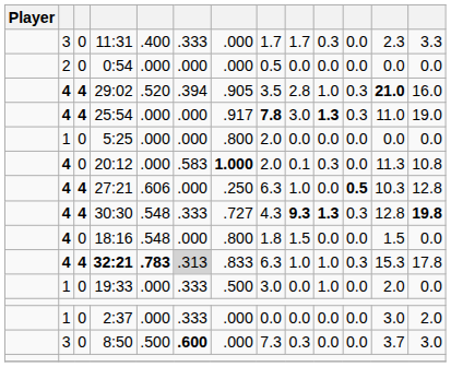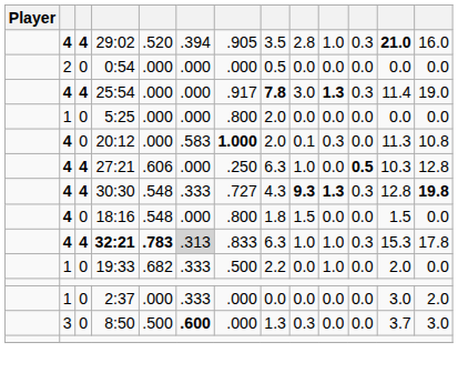 <table class="wikitable sortable" style="font-size:95%; text-align:right;">
 <tr>
 <th>Player</th>
 <th></th>
 <th></th>
 <th></th>
 <th></th>
 <th></th>
 <th></th>
 <th></th>
 <th></th>
 <th></th>
 <th></th>
 <th></th>
 <th></th>
 </tr>
 <tr>
 <td><strong></strong></td>
-<td>3</td>
-<td>0</td>
-<td>11:31</td>
-<td>.400</td>
-<td>.333</td>
-<td>.000</td>
-<td>1.7</td>
-<td>1.7</td>
+<td><strong>4</strong></td>
+<td><strong>4</strong></td>
+<td>29:02</td>
+<td>.520</td>
+<td>.394</td>
+<td>.905</td>
+<td>3.5</td>
+<td>2.8</td>
+<td>1.0</td>
 <td>0.3</td>
-<td>0.0</td>
-<td>2.3</td>
-<td>3.3</td>
+<td><strong> 21.0</strong></td>
+<td>16.0</td>
 </tr>
 <tr>
 <td><strong></strong></td>
 <td>2</td>
 <td>0</td>
 <td>0:54</td>
 <td>.000</td>
 <td>.000</td>
 <td>.000</td>
 <td>0.5</td>
 <td>0.0</td>
 <td>0.0</td>
 <td>0.0</td>
 <td>0.0</td>
 <td>0.0</td>
 </tr>
 <tr>
 <td><strong></strong></td>
 <td><strong>4</strong></td>
 <td><strong>4</strong></td>
-<td>29:02</td>
-<td>.520</td>
-<td>.394</td>
-<td>.905</td>
-<td>3.5</td>
-<td>2.8</td>
-<td>1.0</td>
-<td>0.3</td>
-<td><strong> 21.0</strong></td>
-<td>16.0</td>
-</tr>
-<tr>
-<td><strong></strong></td>
-<td><strong>4</strong></td>
-<td><strong>4</strong></td>
 <td>25:54</td>
 <td>.000</td>
 <td>.000</td>
 <td>.917</td>
 <td><strong>7.8</strong></td>
 <td>3.0</td>
 <td><strong>1.3</strong></td>
 <td>0.3</td>
-<td>11.0</td>
+<td>11.4</td>
 <td>19.0</td>
 </tr>
 <tr>
 <td><strong></strong></td>
 <td>1</td>
 <td>0</td>
 <td>5:25</td>
 <td>.000</td>
 <td>.000</td>
 <td>.800</td>
 <td>2.0</td>
 <td>0.0</td>
 <td>0.0</td>
 <td>0.0</td>
 <td>0.0</td>
 <td>0.0</td>
 </tr>
 <tr>
 <td><strong></strong></td>
 <td><strong>4</strong></td>
 <td>0</td>
 <td>20:12</td>
 <td>.000</td>
 <td>.583</td>
 <td><strong>1.000</strong></td>
 <td>2.0</td>
 <td>0.1</td>
 <td>0.3</td>
 <td>0.0</td>
 <td>11.3</td>
 <td>10.8</td>
 </tr>
 <tr>
 <td><strong></strong></td>
 <td><strong>4</strong></td>
 <td><strong>4</strong></td>
 <td>27:21</td>
 <td>.606</td>
 <td>.000</td>
 <td>.250</td>
 <td>6.3</td>
 <td>1.0</td>
 <td>0.0</td>
 <td><strong>0.5</strong></td>
 <td>10.3</td>
 <td>12.8</td>
 </tr>
 <tr>
 <td><strong></strong></td>
 <td><strong>4</strong></td>
 <td><strong>4</strong></td>
 <td>30:30</td>
 <td>.548</td>
 <td>.333</td>
 <td>.727</td>
 <td>4.3</td>
 <td><strong>9.3</strong></td>
 <td><strong>1.3</strong></td>
 <td>0.3</td>
 <td>12.8</td>
 <td><strong>19.8</strong></td>
 </tr>
 <tr>
 <td><strong></strong></td>
 <td><strong>4</strong></td>
 <td>0</td>
 <td>18:16</td>
 <td>.548</td>
 <td>.000</td>
 <td>.800</td>
 <td>1.8</td>
 <td>1.5</td>
 <td>0.0</td>
 <td>0.0</td>
 <td>1.5</td>
 <td>0.0</td>
 </tr>
 <tr>
 <td><strong></strong></td>
 <td><strong>4</strong></td>
 <td><strong>4</strong></td>
 <td><strong>32:21</strong></td>
 <td><strong>.783</strong></td>
 <td style="background: lightgrey;">.313</td>
 <td>.833</td>
 <td>6.3</td>
 <td>1.0</td>
 <td>1.0</td>
 <td>0.3</td>
 <td>15.3</td>
 <td>17.8</td>
 </tr>
 <tr>
 <td><strong></strong></td>
 <td>1</td>
 <td>0</td>
 <td>19:33</td>
-<td>.000</td>
+<td>.682</td>
 <td>.333</td>
 <td>.500</td>
-<td>3.0</td>
+<td>2.2</td>
 <td>0.0</td>
 <td>1.0</td>
 <td>0.0</td>
 <td>2.0</td>
 <td>0.0</td>
 </tr>
 <tr>
 <td><strong></strong></td>
 <td colspan=12 data-sort-value="-50"></td>
 </tr>
 <tr>
 <td><strong></strong></td>
 <td>1</td>
 <td>0</td>
 <td>2:37</td>
 <td>.000</td>
 <td>.333</td>
 <td>.000</td>
 <td>0.0</td>
 <td>0.0</td>
 <td>0.0</td>
 <td>0.0</td>
 <td>3.0</td>
 <td>2.0</td>
 </tr>
 <tr>
 <td><strong></strong></td>
 <td>3</td>
 <td>0</td>
 <td>8:50</td>
 <td>.500</td>
 <td><strong>.600</strong></td>
 <td>.000</td>
-<td>7.3</td>
+<td>1.3</td>
 <td>0.3</td>
 <td>0.0</td>
 <td>0.0</td>
 <td>3.7</td>
 <td>3.0</td>
 </tr>
 <tr>
 <td><strong></strong></td>
 <td colspan=12 data-sort-value="-50"></td>
 </tr>
 <tr>
 </tr>
 </table>
